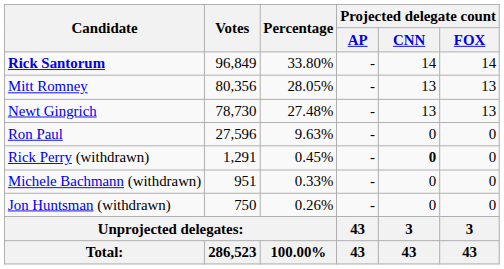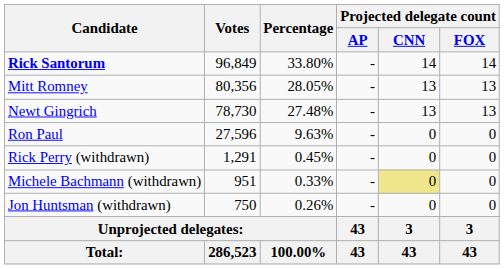 <table class="wikitable" style="text-align:right;">
 <tr>
 <th rowspan="2">Candidate</th>
 <th rowspan="2">Votes</th>
 <th rowspan="2">Percentage</th>
 <th colspan="3">Projected delegate count</th>
 </tr>
 <tr>
 <th><a href='#'>AP</a></th>
 <th><a href='#'>CNN</a><br></th>
 <th><a href='#'>FOX</a><br></th>
 </tr>
 <tr>
 <td style="text-align:left;"> <strong><a href='#'>Rick Santorum</a></strong></td>
 <td>96,849</td>
 <td>33.80%</td>
 <td>-</td>
 <td>14</td>
 <td>14</td>
 </tr>
 <tr>
 <td style="text-align:left;"><a href='#'>Mitt Romney</a></td>
 <td>80,356</td>
 <td>28.05%</td>
 <td>-</td>
 <td>13</td>
 <td>13</td>
 </tr>
 <tr>
 <td style="text-align:left;"><a href='#'>Newt Gingrich</a></td>
 <td>78,730</td>
 <td>27.48%</td>
 <td>-</td>
 <td>13</td>
 <td>13</td>
 </tr>
 <tr>
 <td style="text-align:left;"><a href='#'>Ron Paul</a></td>
 <td>27,596</td>
 <td>9.63%</td>
 <td>-</td>
 <td>0</td>
 <td>0</td>
 </tr>
 <tr>
 <td style="text-align:left;"><a href='#'>Rick Perry</a> (withdrawn)</td>
 <td>1,291</td>
 <td>0.45%</td>
 <td>-</td>
-<td><strong>0</strong></td>
+<td>0</td>
 <td>0</td>
 </tr>
 <tr>
 <td style="text-align:left;"><a href='#'>Michele Bachmann</a> (withdrawn)</td>
 <td>951</td>
 <td>0.33%</td>
 <td>-</td>
-<td>0</td>
+<td style="background: khaki;">0</td>
 <td>0</td>
 </tr>
 <tr>
 <td style="text-align:left;"><a href='#'>Jon Huntsman</a> (withdrawn)</td>
 <td>750</td>
 <td>0.26%</td>
 <td>-</td>
 <td>0</td>
 <td>0</td>
 </tr>
 <tr style="background:#eee;">
 <th colspan="3">Unprojected delegates:</th>
 <th>43</th>
 <th>3</th>
 <th>3</th>
 </tr>
 <tr style="background:#eee;">
 <th>Total:</th>
 <th>286,523</th>
 <th>100.00%</th>
 <th>43</th>
 <th>43</th>
 <th>43</th>
 </tr>
 </table>
